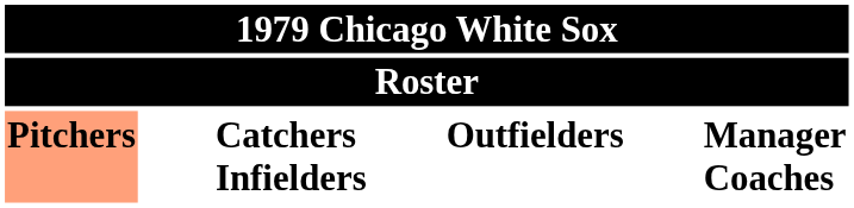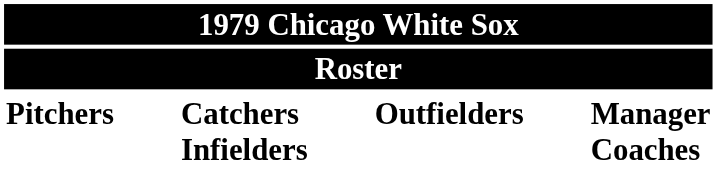 <table class="toccolours" style="font-size: 95%;">
 <tr>
 <th colspan="10" style="background-color: black; color: white; text-align: center;">1979 Chicago White Sox</th>
 </tr>
 <tr>
 <td colspan="10" style="background-color: black; color: white; text-align: center;"><strong>Roster</strong></td>
 </tr>
 <tr>
-<td valign="top" style="background: lightsalmon;"><strong>Pitchers</strong><br>                    </td>
+<td valign="top"><strong>Pitchers</strong><br>                    </td>
 <td width="25px"></td>
 <td valign="top"><strong>Catchers</strong><br>    <strong>Infielders</strong>           </td>
 <td width="25px"></td>
 <td valign="top"><strong>Outfielders</strong><br>       </td>
 <td width="25px"></td>
 <td valign="top"><strong>Manager</strong><br>  <strong>Coaches</strong>      </td>
 </tr>
 </table>
